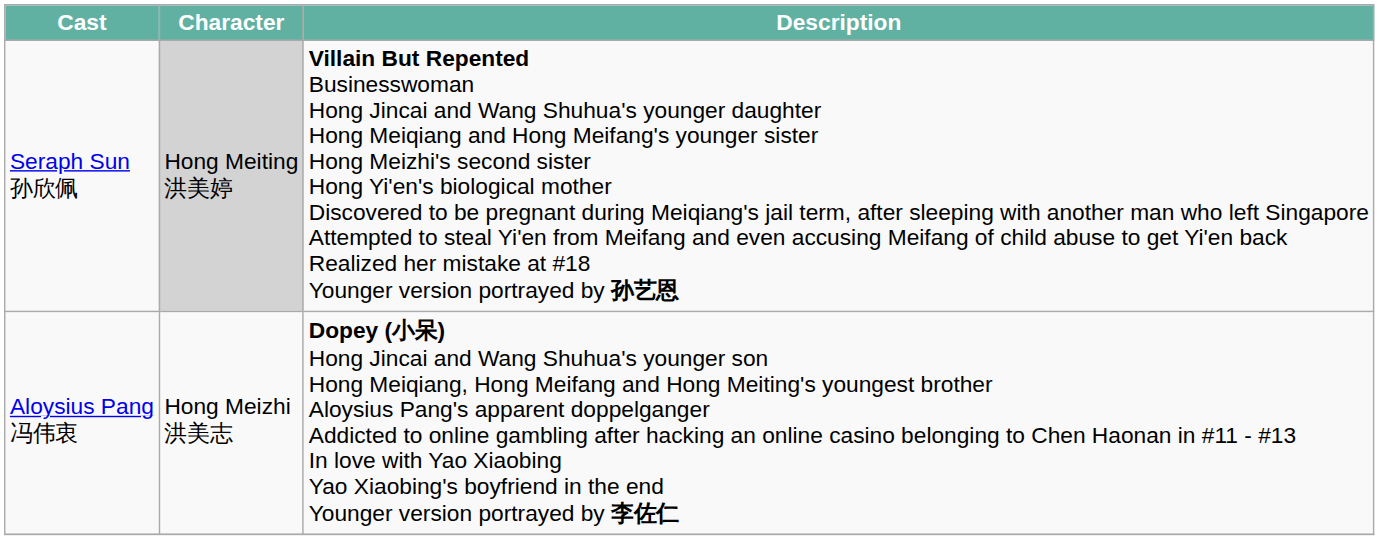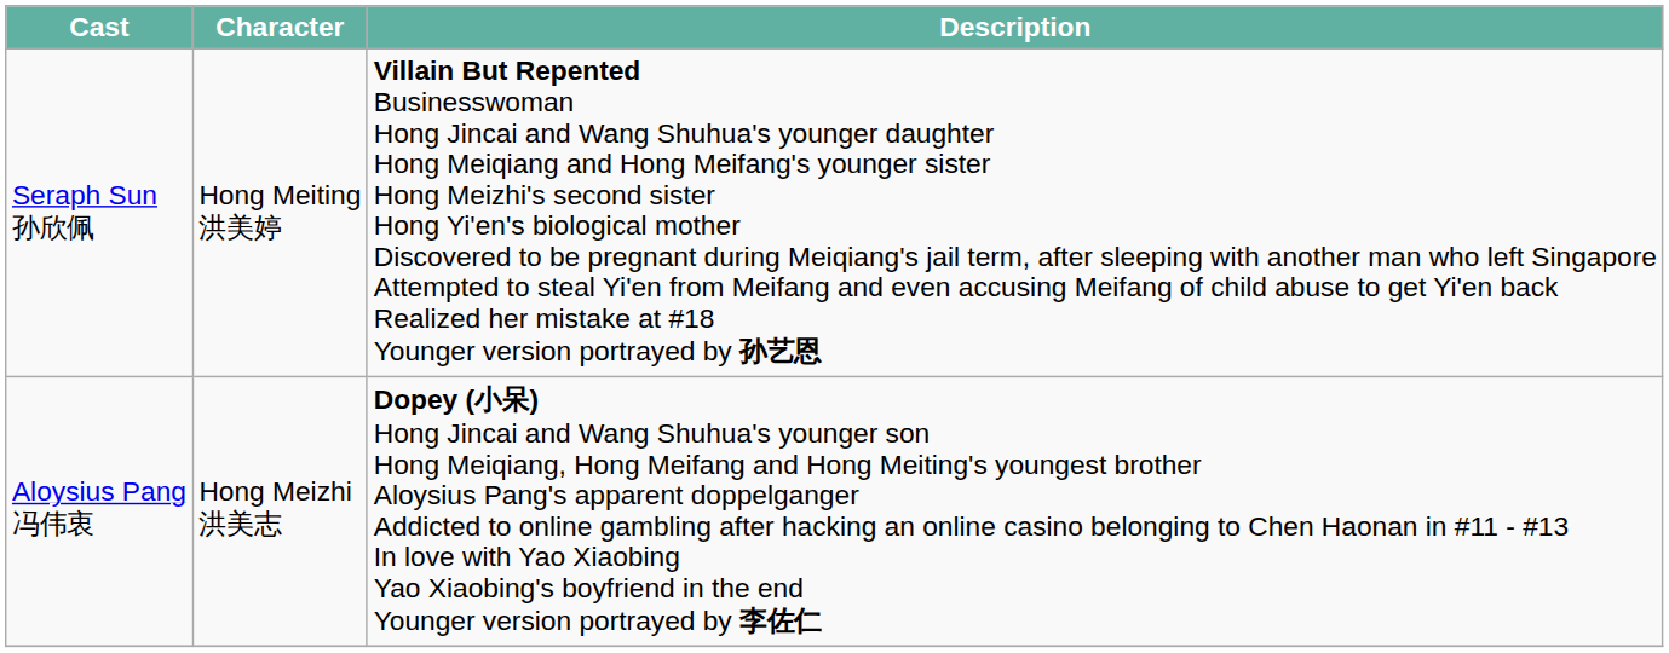 <table class="wikitable">
 <tr>
 <th style="background:#61b1a3; color:white">Cast</th>
 <th style="background:#61b1a3; color:white">Character</th>
 <th style="background:#61b1a3; color:white">Description</th>
 </tr>
 <tr>
 <td><a href='#'>Seraph Sun</a> <br> 孙欣佩</td>
-<td style="background: lightgrey;">Hong Meiting <br> 洪美婷</td>
+<td>Hong Meiting <br> 洪美婷</td>
 <td><strong>Villain But Repented</strong> <br> Businesswoman <br> Hong Jincai and Wang Shuhua's younger daughter <br> Hong Meiqiang and Hong Meifang's younger sister <br> Hong Meizhi's second sister <br> Hong Yi'en's biological mother <br> Discovered to be pregnant during Meiqiang's jail term, after sleeping with another man who left Singapore <br> Attempted to steal Yi'en from Meifang and even accusing Meifang of child abuse to get Yi'en back <br> Realized her mistake at #18 <br> Younger version portrayed by <strong>孙艺恩</strong></td>
 </tr>
 <tr>
 <td><a href='#'>Aloysius Pang</a> <br> 冯伟衷</td>
 <td>Hong Meizhi <br> 洪美志</td>
 <td><strong>Dopey (小呆)</strong> <br> Hong Jincai and Wang Shuhua's younger son <br> Hong Meiqiang, Hong Meifang and Hong Meiting's youngest brother <br> Aloysius Pang's apparent doppelganger <br> Addicted to online gambling after hacking an online casino belonging to Chen Haonan in #11 - #13 <br> In love with Yao Xiaobing <br> Yao Xiaobing's boyfriend in the end <br> Younger version portrayed by <strong>李佐仁</strong></td>
 </tr>
 <tr>
 </tr>
 </table>
